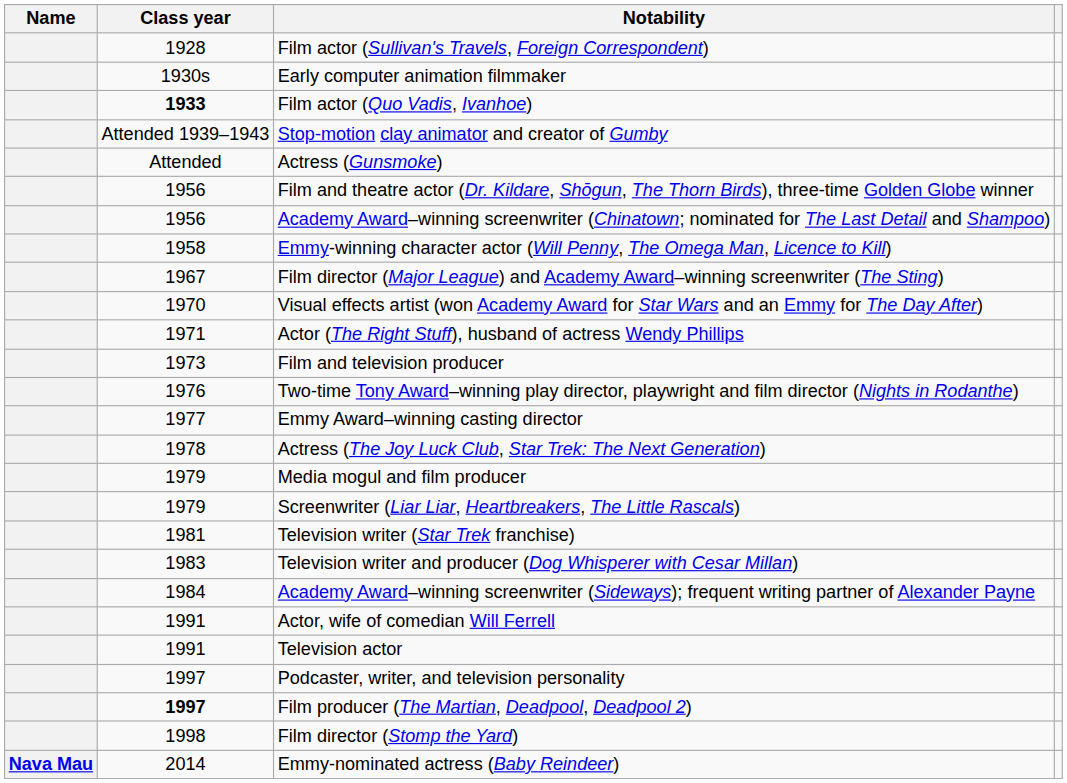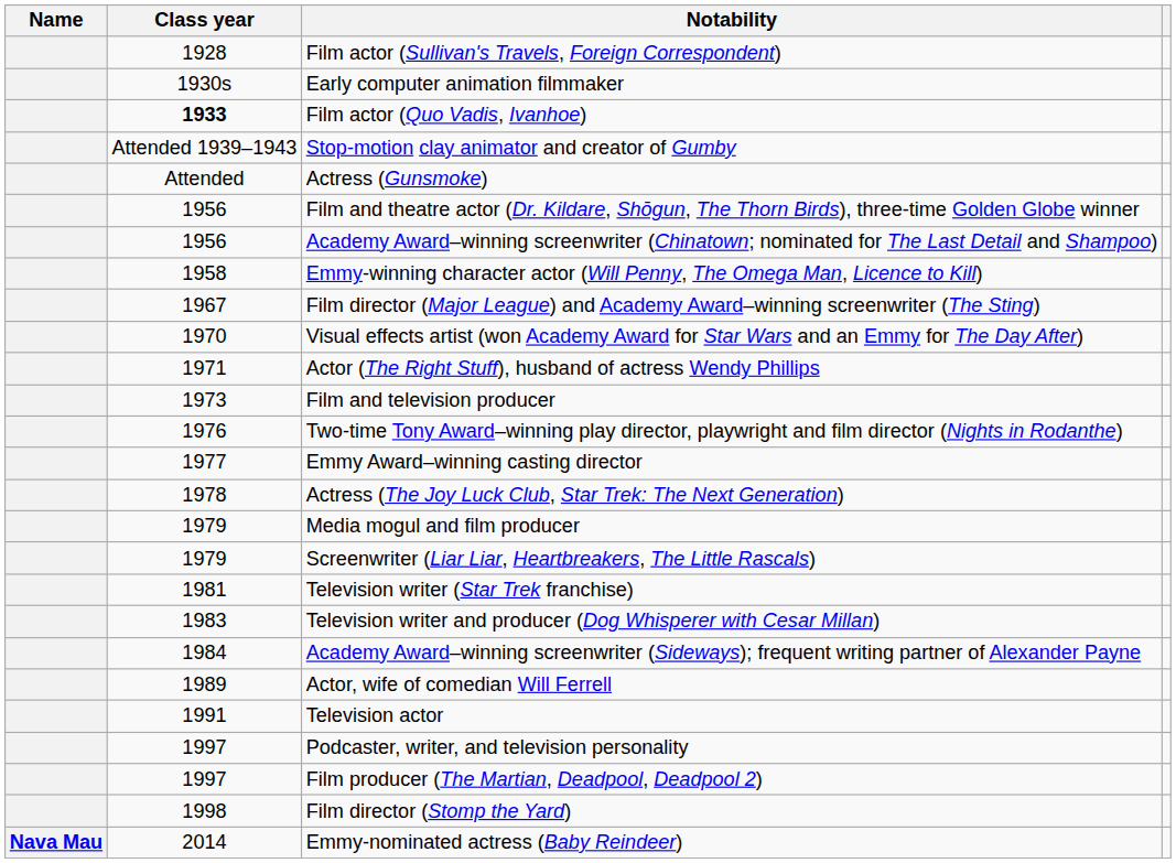 <table class="wikitable sortable plainrowheaders" style="text-align:center; border:2px solid #">
 <tr>
 <th scope="col">Name</th>
 <th scope="col">Class year</th>
 <th scope="col">Notability</th>
 <th scope="col"></th>
 </tr>
 <tr>
 <th scope="row"></th>
 <td>1928</td>
 <td style="text-align:left;">Film actor (<em><a href='#'>Sullivan's Travels</a></em>, <em><a href='#'>Foreign Correspondent</a></em>)</td>
 <td></td>
 </tr>
 <tr>
 <th scope="row"></th>
 <td>1930s</td>
 <td style="text-align:left;">Early computer animation filmmaker</td>
 <td></td>
 </tr>
 <tr>
 <th scope="row"></th>
 <td><strong>1933</strong></td>
 <td style="text-align:left;">Film actor (<em><a href='#'>Quo Vadis</a></em>, <em><a href='#'>Ivanhoe</a></em>)</td>
 <td></td>
 </tr>
 <tr>
 <th scope="row"></th>
 <td>Attended 1939–1943</td>
 <td style="text-align:left;"><a href='#'>Stop-motion</a> <a href='#'>clay animator</a> and creator of <em><a href='#'>Gumby</a></em></td>
 <td></td>
 </tr>
 <tr>
 <th scope="row"></th>
 <td>Attended </td>
 <td style="text-align:left;">Actress (<em><a href='#'>Gunsmoke</a></em>)</td>
 <td><br></td>
 </tr>
 <tr>
 <th scope="row"></th>
 <td>1956</td>
 <td style="text-align:left;">Film and theatre actor (<em><a href='#'>Dr. Kildare</a></em>, <em><a href='#'>Shōgun</a></em>, <em><a href='#'>The Thorn Birds</a></em>), three-time <a href='#'>Golden Globe</a> winner</td>
 <td></td>
 </tr>
 <tr>
 <th scope="row"></th>
 <td>1956</td>
 <td style="text-align:left;"><a href='#'>Academy Award</a>–winning screenwriter (<em><a href='#'>Chinatown</a></em>; nominated for <em><a href='#'>The Last Detail</a></em> and <em><a href='#'>Shampoo</a></em>)</td>
 <td></td>
 </tr>
 <tr>
 <th scope="row"></th>
 <td>1958</td>
 <td style="text-align:left;"><a href='#'>Emmy</a>-winning character actor (<em><a href='#'>Will Penny</a></em>, <em><a href='#'>The Omega Man</a></em>, <em><a href='#'>Licence to Kill</a></em>)</td>
 <td></td>
 </tr>
 <tr>
 <th scope="row"></th>
 <td>1967</td>
 <td style="text-align:left;">Film director (<em><a href='#'>Major League</a></em>) and <a href='#'>Academy Award</a>–winning screenwriter (<em><a href='#'>The Sting</a></em>)</td>
 <td></td>
 </tr>
 <tr>
 <th scope="row"></th>
 <td>1970</td>
 <td style="text-align:left;">Visual effects artist (won <a href='#'>Academy Award</a> for <em><a href='#'>Star Wars</a></em> and an <a href='#'>Emmy</a> for <em><a href='#'>The Day After</a></em>)</td>
 <td></td>
 </tr>
 <tr>
 <th scope="row"></th>
 <td>1971</td>
 <td style="text-align:left;">Actor (<em><a href='#'>The Right Stuff</a></em>), husband of actress <a href='#'>Wendy Phillips</a></td>
 <td></td>
 </tr>
 <tr>
 <th scope="row"></th>
 <td>1973</td>
 <td style="text-align:left;">Film and television producer</td>
 <td></td>
 </tr>
 <tr>
 <th scope="row"></th>
 <td>1976</td>
 <td style="text-align:left;">Two-time <a href='#'>Tony Award</a>–winning play director, playwright and film director (<em><a href='#'>Nights in Rodanthe</a></em>)</td>
 <td></td>
 </tr>
 <tr>
 <th scope="row"></th>
 <td>1977</td>
 <td style="text-align:left;">Emmy Award–winning casting director</td>
 <td></td>
 </tr>
 <tr>
 <th scope="row"></th>
 <td>1978</td>
 <td style="text-align:left;">Actress (<em><a href='#'>The Joy Luck Club</a></em>, <em><a href='#'>Star Trek: The Next Generation</a></em>)</td>
 <td><br></td>
 </tr>
 <tr>
 <th scope="row"></th>
 <td>1979</td>
 <td style="text-align:left;">Media mogul and film producer</td>
 <td></td>
 </tr>
 <tr>
 <th scope="row"></th>
 <td>1979</td>
 <td style="text-align:left;">Screenwriter (<em><a href='#'>Liar Liar</a></em>, <em><a href='#'>Heartbreakers</a></em>, <em><a href='#'>The Little Rascals</a></em>)</td>
 <td></td>
 </tr>
 <tr>
 <th scope="row"></th>
 <td>1981</td>
 <td style="text-align:left;">Television writer (<em><a href='#'>Star Trek</a></em> franchise)</td>
 <td></td>
 </tr>
 <tr>
 <th scope="row"></th>
 <td>1983</td>
 <td style="text-align:left;">Television writer and producer (<em><a href='#'>Dog Whisperer with Cesar Millan</a></em>)</td>
 <td></td>
 </tr>
 <tr>
 <th scope="row"></th>
 <td>1984</td>
 <td style="text-align:left;"><a href='#'>Academy Award</a>–winning screenwriter (<em><a href='#'>Sideways</a></em>); frequent writing partner of <a href='#'>Alexander Payne</a></td>
 <td></td>
 </tr>
 <tr>
 <th scope="row"></th>
-<td>1991</td>
+<td>1989</td>
 <td style="text-align:left;">Actor, wife of comedian <a href='#'>Will Ferrell</a></td>
 <td></td>
 </tr>
 <tr>
 <th scope="row"></th>
 <td>1991</td>
 <td style="text-align:left;">Television actor</td>
 <td></td>
 </tr>
 <tr>
 <th scope="row"></th>
 <td>1997</td>
 <td style="text-align:left;">Podcaster, writer, and television personality</td>
 <td></td>
 </tr>
 <tr>
 <th scope="row"></th>
-<td><strong>1997</strong></td>
+<td>1997</td>
 <td style="text-align:left;">Film producer (<em><a href='#'>The Martian</a></em>, <em><a href='#'>Deadpool</a></em>, <em><a href='#'>Deadpool 2</a></em>)</td>
 <td></td>
 </tr>
 <tr>
 <th scope="row"></th>
 <td>1998</td>
 <td style="text-align:left;">Film director (<em><a href='#'>Stomp the Yard</a></em>)</td>
 <td></td>
 </tr>
 <tr>
 <th scope="row"><a href='#'>Nava Mau</a></th>
 <td>2014</td>
 <td style="text-align:left;">Emmy-nominated actress (<em><a href='#'>Baby Reindeer</a></em>)</td>
 <td></td>
 </tr>
 </table>
